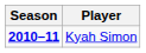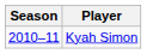 <table class="wikitable">
 <tr>
 <th>Season</th>
 <th>Player</th>
 </tr>
 <tr>
-<td><strong><a href='#'>2010–11</a></strong></td>
+<td><a href='#'>2010–11</a></td>
 <td><a href='#'>Kyah Simon</a></td>
 </tr>
 </table>
